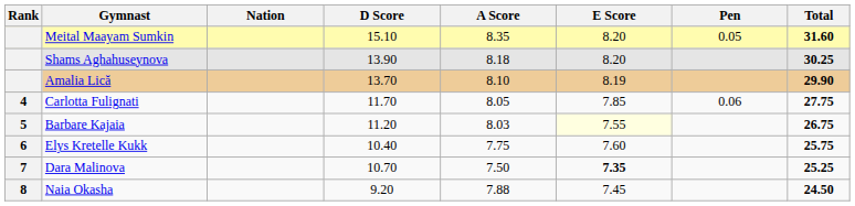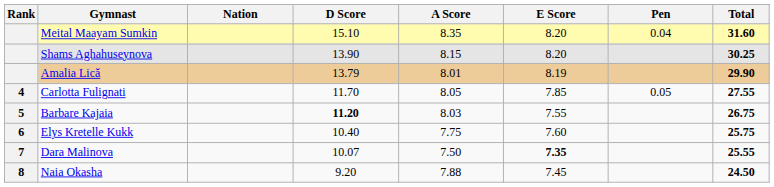 <table class="wikitable sortable" style="text-align:center; font-size:85%">
 <tr>
 <th scope="col" style="width:20px;">Rank</th>
 <th ! scope="col" style="width:170px;">Gymnast</th>
 <th ! scope="col" style="width:120px;">Nation</th>
 <th ! scope="col" style="width:120px;">D Score</th>
 <th ! scope="col" style="width:120px;">A Score</th>
 <th ! scope="col" style="width:120px;">E Score</th>
 <th ! scope="col" style="width:120px;">Pen</th>
 <th scope="col" style="width:60px;" !>Total</th>
 </tr>
 <tr bgcolor=fffcaf>
 <th scope=row></th>
 <td align=left><a href='#'>Meital Maayam Sumkin</a></td>
 <td style="text-align:left;"></td>
 <td>15.10</td>
 <td>8.35</td>
 <td>8.20</td>
-<td>0.05</td>
+<td>0.04</td>
 <td><strong>31.60</strong></td>
 </tr>
 <tr bgcolor=e5e5e5>
 <th scope=row></th>
 <td align=left><a href='#'>Shams Aghahuseynova</a></td>
 <td style="text-align:left;"></td>
 <td>13.90</td>
-<td>8.18</td>
+<td>8.15</td>
 <td>8.20</td>
 <td></td>
 <td><strong>30.25</strong></td>
 </tr>
 <tr bgcolor=eecc99>
 <th scope=row></th>
 <td align=left><a href='#'>Amalia Lică</a></td>
 <td style="text-align:left;"></td>
-<td>13.70</td>
-<td>8.10</td>
+<td>13.79</td>
+<td>8.01</td>
 <td>8.19</td>
 <td></td>
 <td><strong>29.90</strong></td>
 </tr>
 <tr>
 <th scope=row>4</th>
 <td align=left><a href='#'>Carlotta Fulignati</a></td>
 <td style="text-align:left;"></td>
 <td>11.70</td>
 <td>8.05</td>
 <td>7.85</td>
-<td>0.06</td>
-<td><strong>27.75</strong></td>
+<td>0.05</td>
+<td><strong>27.55</strong></td>
 </tr>
 <tr>
 <th scope=row>5</th>
 <td align=left><a href='#'>Barbare Kajaia</a></td>
 <td style="text-align:left;"></td>
-<td>11.20</td>
+<td><strong>11.20</strong></td>
 <td>8.03</td>
-<td style="background: lightyellow;">7.55</td>
+<td>7.55</td>
 <td></td>
 <td><strong>26.75</strong></td>
 </tr>
 <tr>
 <th scope=row>6</th>
 <td align=left><a href='#'>Elys Kretelle Kukk</a></td>
 <td style="text-align:left;"></td>
 <td>10.40</td>
 <td>7.75</td>
 <td>7.60</td>
 <td></td>
 <td><strong>25.75</strong></td>
 </tr>
 <tr>
 <th scope=row>7</th>
 <td align=left><a href='#'>Dara Malinova</a></td>
 <td style="text-align:left;"></td>
-<td>10.70</td>
+<td>10.07</td>
 <td>7.50</td>
 <td><strong>7.35</strong></td>
 <td></td>
-<td><strong>25.25</strong></td>
+<td><strong>25.55</strong></td>
 </tr>
 <tr>
 <th scope=row>8</th>
 <td align=left><a href='#'>Naia Okasha</a></td>
 <td style="text-align:left;"></td>
 <td>9.20</td>
 <td>7.88</td>
 <td>7.45</td>
 <td></td>
 <td><strong>24.50</strong></td>
 </tr>
 </table>
